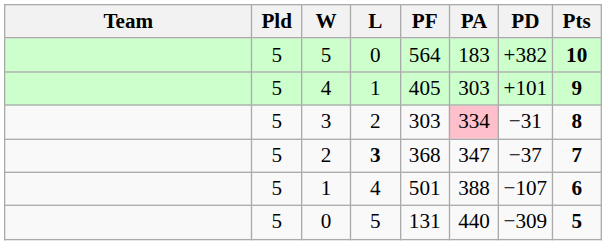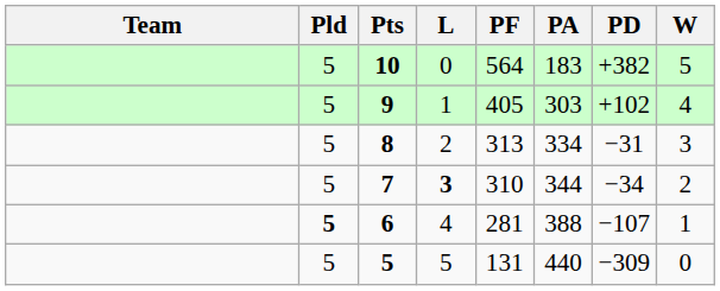 <table class="wikitable" style="text-align:center;">
 <tr>
 <th width=180>Team</th>
 <th width=30>Pld</th>
-<th width=30>W</th>
+<th width=30>Pts</th>
 <th width=30>L</th>
 <th width=30>PF</th>
 <th width=30>PA</th>
 <th width=30>PD</th>
-<th width=30>Pts</th>
+<th width=30>W</th>
 </tr>
 <tr align=center bgcolor='#ccffcc'>
 <td align=left></td>
 <td>5</td>
-<td>5</td>
+<td><strong>10</strong></td>
 <td>0</td>
 <td>564</td>
 <td>183</td>
 <td>+382</td>
-<td><strong>10</strong></td>
+<td>5</td>
 </tr>
 <tr align=center bgcolor='#ccffcc'>
 <td align=left></td>
 <td>5</td>
-<td>4</td>
+<td><strong>9</strong></td>
 <td>1</td>
 <td>405</td>
 <td>303</td>
-<td>+101</td>
-<td><strong>9</strong></td>
+<td>+102</td>
+<td>4</td>
 </tr>
 <tr align=center>
 <td align=left></td>
 <td>5</td>
+<td><strong>8</strong></td>
+<td>2</td>
+<td>313</td>
+<td>334</td>
+<td>−31</td>
 <td>3</td>
-<td>2</td>
-<td>303</td>
-<td style="background: pink;">334</td>
-<td>−31</td>
-<td><strong>8</strong></td>
 </tr>
 <tr align=center>
 <td align=left></td>
 <td>5</td>
+<td><strong>7</strong></td>
+<td><strong>3</strong></td>
+<td>310</td>
+<td>344</td>
+<td>−34</td>
 <td>2</td>
-<td><strong>3</strong></td>
-<td>368</td>
-<td>347</td>
-<td>−37</td>
-<td><strong>7</strong></td>
+</tr>
+<tr align=center>
+<td align=left></td>
+<td><strong>5</strong></td>
+<td><strong>6</strong></td>
+<td>4</td>
+<td>281</td>
+<td>388</td>
+<td>−107</td>
+<td>1</td>
 </tr>
 <tr align=center>
 <td align=left></td>
 <td>5</td>
-<td>1</td>
-<td>4</td>
-<td>501</td>
-<td>388</td>
-<td>−107</td>
-<td><strong>6</strong></td>
-</tr>
-<tr align=center>
-<td align=left></td>
-<td>5</td>
-<td>0</td>
+<td><strong>5</strong></td>
 <td>5</td>
 <td>131</td>
 <td>440</td>
 <td>−309</td>
-<td><strong>5</strong></td>
+<td>0</td>
 </tr>
 </table>
